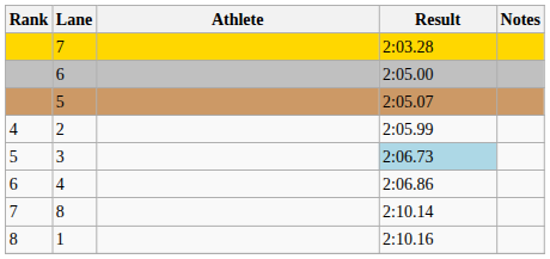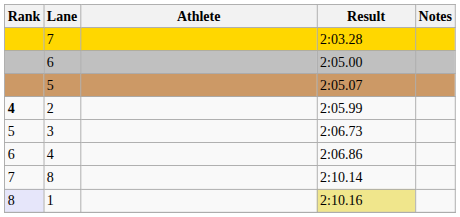 <table class="wikitable" style="font-size:95%" style="width:35em;" style="text-align:center">
 <tr>
 <th>Rank</th>
 <th>Lane</th>
 <th width=250>Athlete</th>
 <th width=100>Result</th>
 <th>Notes</th>
 </tr>
 <tr bgcolor=gold>
 <td></td>
 <td>7</td>
 <td align=left></td>
 <td>2:03.28</td>
 <td></td>
 </tr>
 <tr bgcolor=silver>
 <td></td>
 <td>6</td>
 <td align=left></td>
 <td>2:05.00</td>
 <td></td>
 </tr>
 <tr bgcolor=cc9966>
 <td></td>
 <td>5</td>
 <td align=left></td>
 <td>2:05.07</td>
 <td></td>
 </tr>
 <tr>
-<td>4</td>
+<td><strong>4</strong></td>
 <td>2</td>
 <td align=left></td>
 <td>2:05.99</td>
 <td></td>
 </tr>
 <tr>
 <td>5</td>
 <td>3</td>
 <td align=left></td>
-<td style="background: lightblue;">2:06.73</td>
+<td>2:06.73</td>
 <td></td>
 </tr>
 <tr>
 <td>6</td>
 <td>4</td>
 <td align=left></td>
 <td>2:06.86</td>
 <td></td>
 </tr>
 <tr>
 <td>7</td>
 <td>8</td>
 <td align=left></td>
 <td>2:10.14</td>
 <td></td>
 </tr>
 <tr>
-<td>8</td>
+<td style="background: lavender;">8</td>
 <td>1</td>
 <td align=left></td>
-<td>2:10.16</td>
+<td style="background: khaki;">2:10.16</td>
 <td></td>
 </tr>
 <tr>
 </tr>
 </table>
